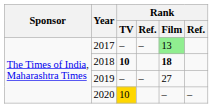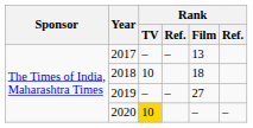 <table class="wikitable">
 <tr>
 <th rowspan="2">Sponsor</th>
 <th rowspan="2">Year</th>
 <th colspan="4">Rank</th>
 </tr>
 <tr>
 <th>TV</th>
 <th>Ref.</th>
 <th>Film</th>
 <th>Ref.</th>
 </tr>
 <tr>
 <td rowspan="4"><a href='#'>The Times of India</a>,<br><a href='#'>Maharashtra Times</a></td>
 <td>2017</td>
 <td>–</td>
 <td>–</td>
-<td style="background: lightgreen;">13</td>
+<td>13</td>
 <td></td>
 </tr>
 <tr>
 <td>2018</td>
-<td><strong>10</strong></td>
+<td>10</td>
 <td></td>
-<td><strong>18</strong></td>
+<td>18</td>
 <td></td>
 </tr>
 <tr>
 <td>2019</td>
 <td>–</td>
 <td>–</td>
 <td>27</td>
 <td></td>
 </tr>
 <tr>
 <td>2020</td>
 <td style="background: gold;">10</td>
 <td></td>
 <td>–</td>
 <td>–</td>
 </tr>
 </table>
